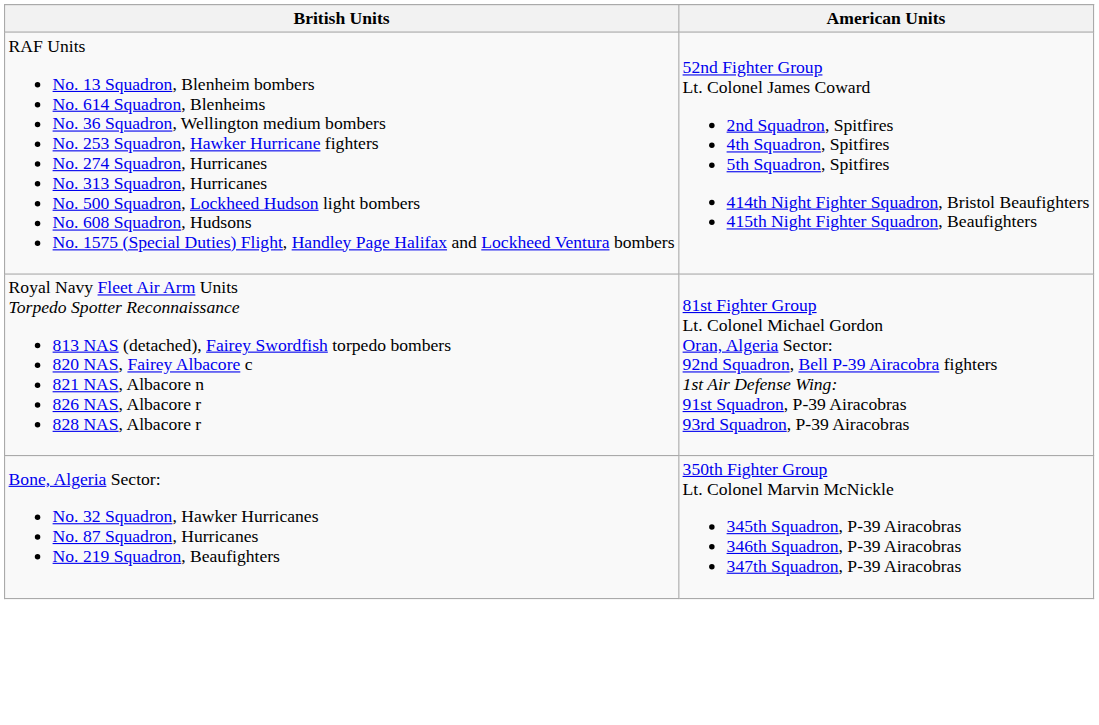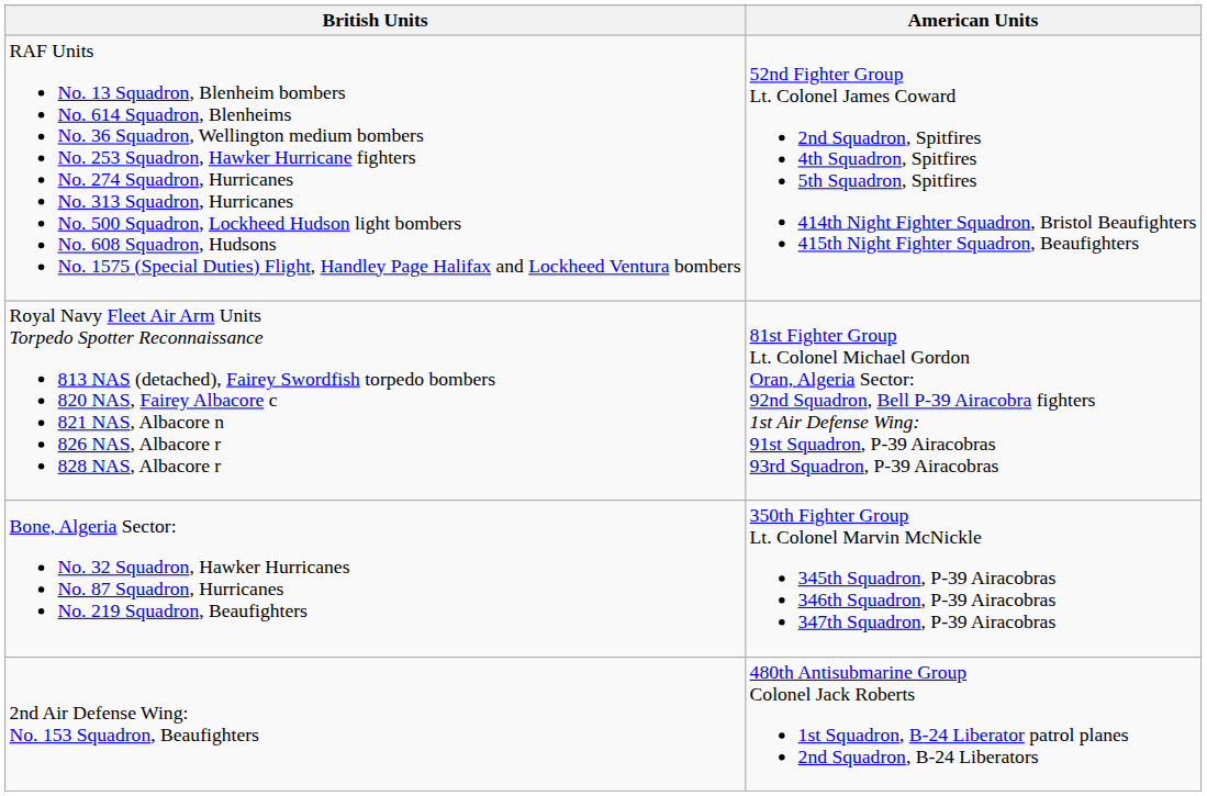 <table class="wikitable">
 <tr>
 </tr>
 <tr>
 <th>British Units</th>
 <th>American Units</th>
 </tr>
 <tr>
 <td>RAF Units<br><ul><li><a href='#'>No. 13 Squadron</a>, Blenheim bombers</li><li><a href='#'>No. 614 Squadron</a>, Blenheims</li><li><a href='#'>No. 36 Squadron</a>, Wellington medium bombers</li><li><a href='#'>No. 253 Squadron</a>, <a href='#'>Hawker Hurricane</a> fighters</li><li><a href='#'>No. 274 Squadron</a>, Hurricanes</li><li><a href='#'>No. 313 Squadron</a>, Hurricanes</li><li><a href='#'>No. 500 Squadron</a>, <a href='#'>Lockheed Hudson</a> light bombers</li><li><a href='#'>No. 608 Squadron</a>, Hudsons</li><li><a href='#'>No. 1575 (Special Duties) Flight</a>, <a href='#'>Handley Page Halifax</a> and <a href='#'>Lockheed Ventura</a> bombers</li></ul></td>
 <td><a href='#'>52nd Fighter Group</a><br> Lt. Colonel James Coward<br><ul><li><a href='#'>2nd Squadron</a>, Spitfires</li><li><a href='#'>4th Squadron</a>, Spitfires</li><li><a href='#'>5th Squadron</a>, Spitfires</li></ul><ul><li><a href='#'>414th Night Fighter Squadron</a>, Bristol Beaufighters</li><li><a href='#'>415th Night Fighter Squadron</a>, Beaufighters</li></ul></td>
 </tr>
 <tr>
 <td>Royal Navy <a href='#'>Fleet Air Arm</a> Units<br><em>Torpedo Spotter Reconnaissance</em><br><ul><li><a href='#'>813 NAS</a> (detached), <a href='#'>Fairey Swordfish</a> torpedo bombers</li><li><a href='#'>820 NAS</a>, <a href='#'>Fairey Albacore</a> c</li><li><a href='#'>821 NAS</a>, Albacore n</li><li><a href='#'>826 NAS</a>, Albacore r</li><li><a href='#'>828 NAS</a>, Albacore r</li></ul></td>
 <td><a href='#'>81st Fighter Group</a><br> Lt. Colonel Michael Gordon<br><a href='#'>Oran, Algeria</a> Sector: <br><a href='#'>92nd Squadron</a>, <a href='#'>Bell P-39 Airacobra</a> fighters<br> <em>1st Air Defense Wing:</em><br><a href='#'>91st Squadron</a>, P-39 Airacobras<br><a href='#'>93rd Squadron</a>, P-39 Airacobras</td>
 </tr>
 <tr>
 <td><a href='#'>Bone, Algeria</a> Sector:<br><ul><li><a href='#'>No. 32 Squadron</a>, Hawker Hurricanes</li><li><a href='#'>No. 87 Squadron</a>, Hurricanes</li><li><a href='#'>No. 219 Squadron</a>, Beaufighters</li></ul></td>
 <td><a href='#'>350th Fighter Group</a><br> Lt. Colonel Marvin McNickle<br><ul><li><a href='#'>345th Squadron</a>, P-39 Airacobras</li><li><a href='#'>346th Squadron</a>, P-39 Airacobras</li><li><a href='#'>347th Squadron</a>, P-39 Airacobras</li></ul></td>
 </tr>
+<tr>
+<td>2nd Air Defense Wing:<br><a href='#'>No. 153 Squadron</a>, Beaufighters</td>
+<td><a href='#'>480th Antisubmarine Group</a><br> Colonel Jack Roberts<br><ul><li><a href='#'>1st Squadron</a>, <a href='#'>B-24 Liberator</a> patrol planes</li><li><a href='#'>2nd Squadron</a>, B-24 Liberators</li></ul></td>
+</tr>
 </table>
